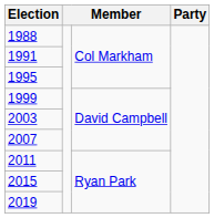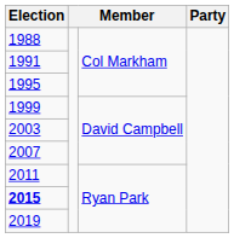 <table class="wikitable" style='border-style: none none none none;'>
 <tr>
 <th>Election</th>
 <th colspan="2">Member</th>
 <th>Party</th>
 </tr>
 <tr style="background: #f9f9f9">
 <td><a href='#'>1988</a></td>
 <td rowspan="9" > </td>
 <td rowspan="3"><a href='#'>Col Markham</a></td>
 <td rowspan="9"></td>
 </tr>
 <tr style="background: #f9f9f9">
 <td><a href='#'>1991</a></td>
 </tr>
 <tr style="background: #f9f9f9">
 <td><a href='#'>1995</a></td>
 </tr>
 <tr style="background: #f9f9f9">
 <td><a href='#'>1999</a></td>
 <td rowspan="3"><a href='#'>David Campbell</a></td>
 </tr>
 <tr style="background: #f9f9f9">
 <td><a href='#'>2003</a></td>
 </tr>
 <tr style="background: #f9f9f9">
 <td><a href='#'>2007</a></td>
 </tr>
 <tr style="background: #f9f9f9">
 <td><a href='#'>2011</a></td>
 <td rowspan="3"><a href='#'>Ryan Park</a></td>
 </tr>
 <tr style="background: #f9f9f9">
-<td><a href='#'>2015</a></td>
+<td><strong><a href='#'>2015</a></strong></td>
 </tr>
 <tr style="background: #f9f9f9">
 <td><a href='#'>2019</a></td>
 </tr>
 </table>
